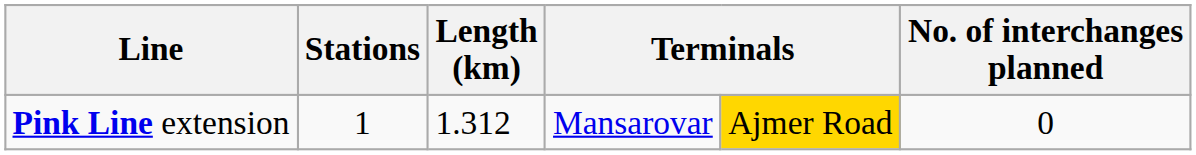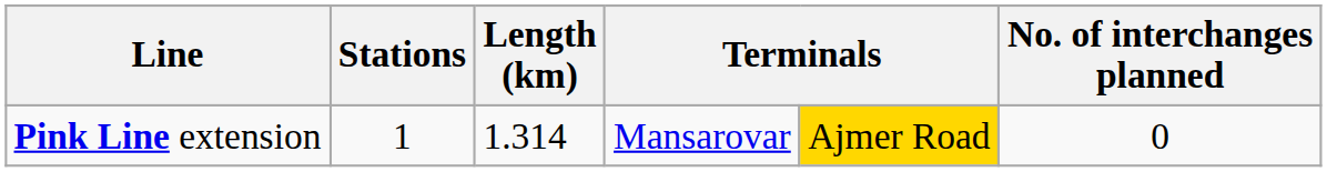 <table class="wikitable" style="margin:auto;">
 <tr>
 <th>Line</th>
 <th>Stations</th>
 <th>Length<br>(km)</th>
 <th colspan="2">Terminals</th>
 <th>No. of interchanges <br>planned</th>
 </tr>
 <tr>
 <td style="background:#"><a href='#'><span><strong>Pink Line</strong></span></a> extension</td>
 <td style="text-align:center;">1</td>
-<td>1.312</td>
+<td>1.314</td>
 <td><a href='#'>Mansarovar</a></td>
 <td style="background: gold;">Ajmer Road</td>
 <td style="text-align:center;">0</td>
 </tr>
 </table>
